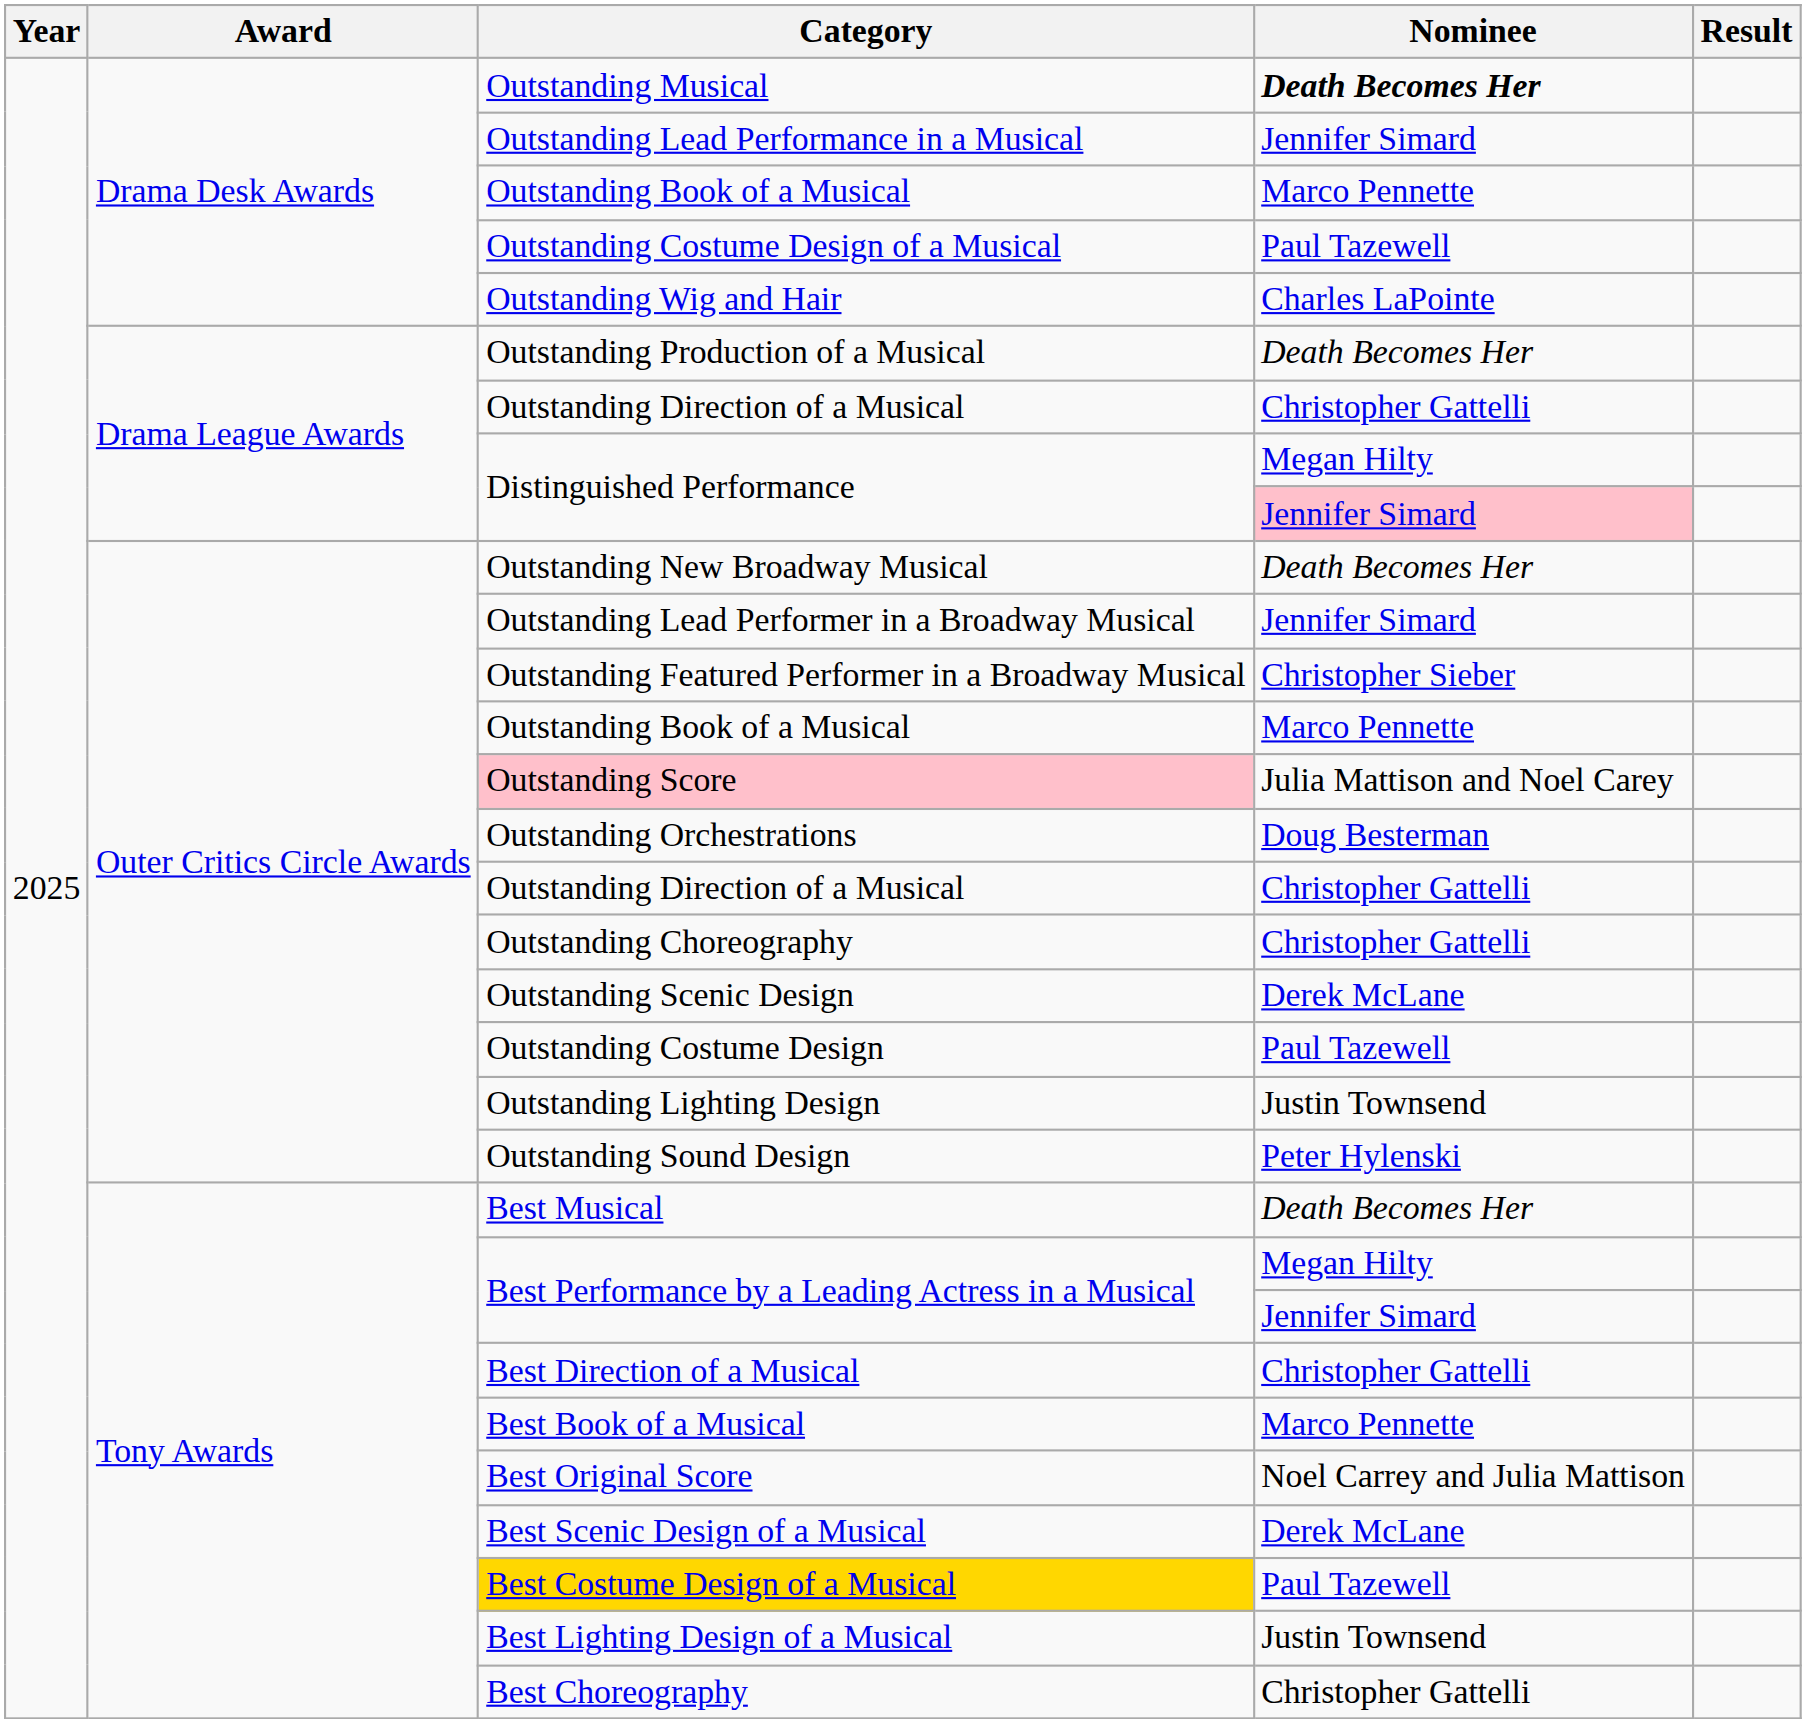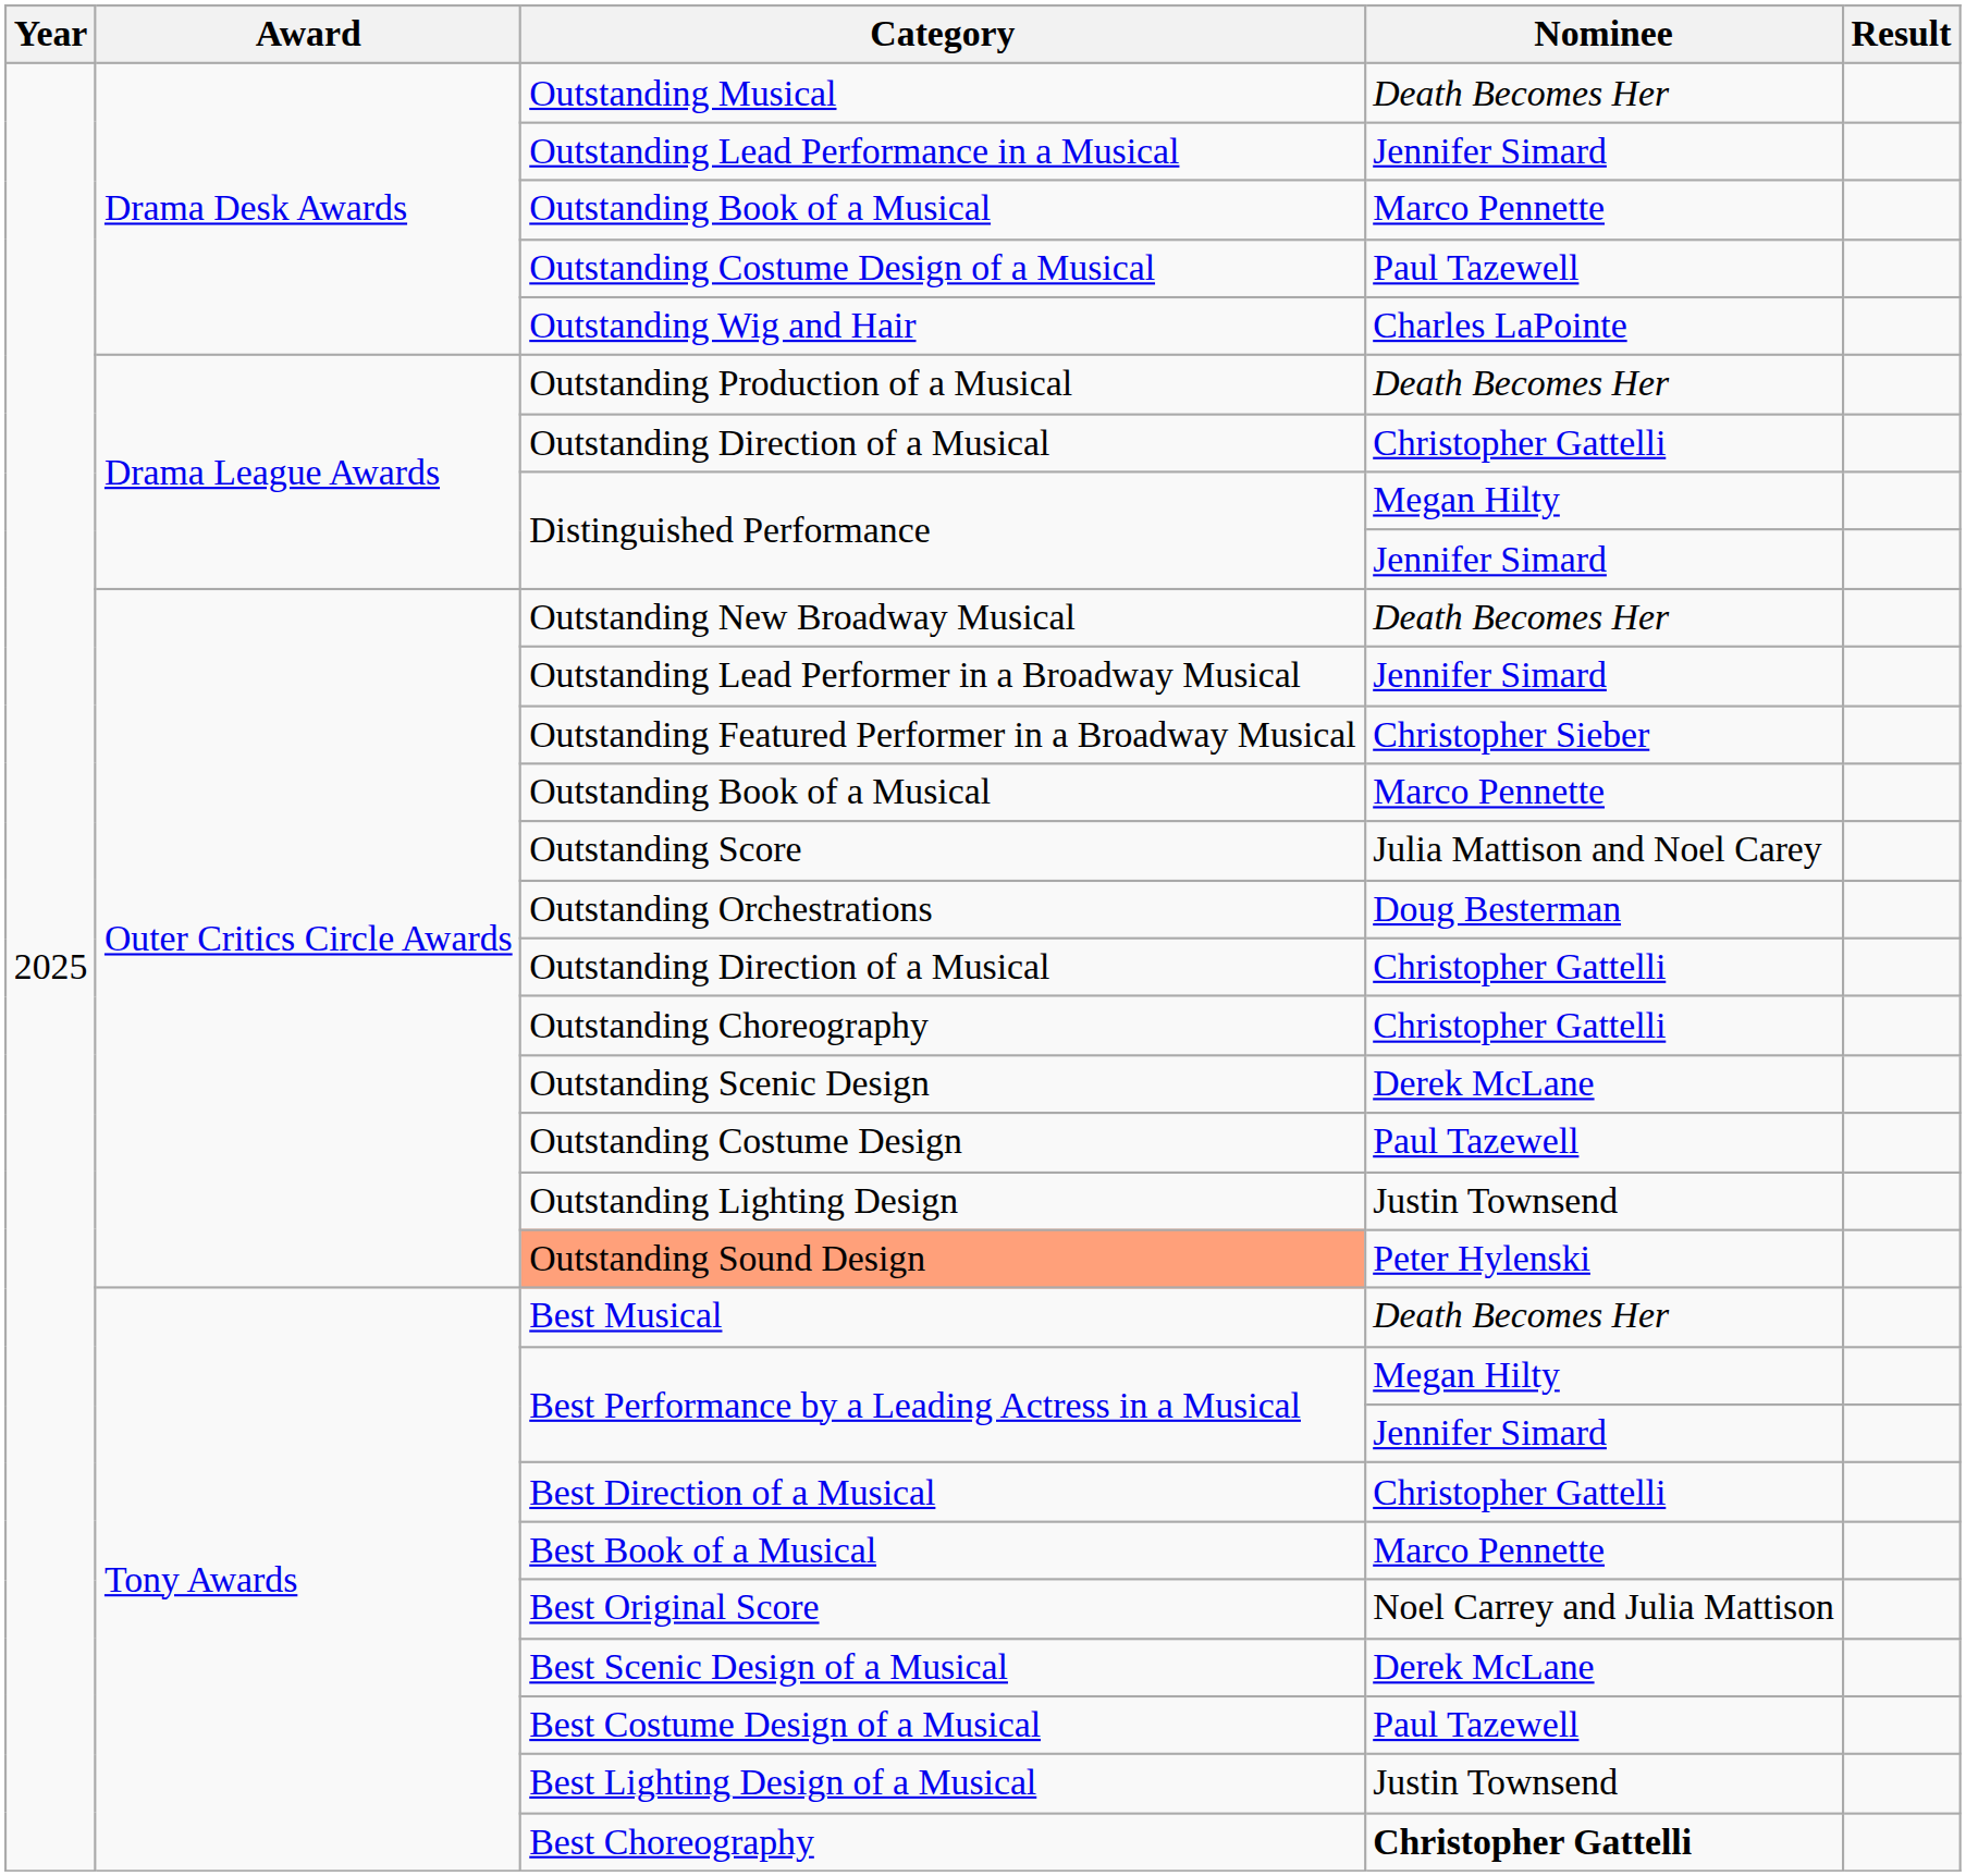 <table class="wikitable" style="white-space:nowrap;">
 <tr>
 <th>Year</th>
 <th>Award</th>
 <th>Category</th>
 <th>Nominee</th>
 <th>Result</th>
 </tr>
 <tr>
 <td rowspan="31">2025</td>
 <td rowspan="5"><a href='#'>Drama Desk Awards</a></td>
 <td><a href='#'>Outstanding Musical</a></td>
-<td><strong><em>Death Becomes Her</em></strong></td>
+<td><em>Death Becomes Her</em></td>
 <td></td>
 </tr>
 <tr>
 <td><a href='#'>Outstanding Lead Performance in a Musical</a></td>
 <td><a href='#'>Jennifer Simard</a></td>
 <td></td>
 </tr>
 <tr>
 <td><a href='#'>Outstanding Book of a Musical</a></td>
 <td><a href='#'>Marco Pennette</a></td>
 <td></td>
 </tr>
 <tr>
 <td><a href='#'>Outstanding Costume Design of a Musical</a></td>
 <td><a href='#'>Paul Tazewell</a></td>
 <td></td>
 </tr>
 <tr>
 <td><a href='#'>Outstanding Wig and Hair</a></td>
 <td><a href='#'>Charles LaPointe</a></td>
 <td></td>
 </tr>
 <tr>
 <td rowspan="4"><a href='#'>Drama League Awards</a></td>
 <td>Outstanding Production of a Musical</td>
 <td><em>Death Becomes Her</em></td>
 <td></td>
 </tr>
 <tr>
 <td>Outstanding Direction of a Musical</td>
 <td><a href='#'>Christopher Gattelli</a></td>
 <td></td>
 </tr>
 <tr>
 <td rowspan="2">Distinguished Performance</td>
 <td><a href='#'>Megan Hilty</a></td>
 <td></td>
 </tr>
 <tr>
-<td style="background: pink;"><a href='#'>Jennifer Simard</a></td>
+<td><a href='#'>Jennifer Simard</a></td>
 <td></td>
 </tr>
 <tr>
 <td rowspan="12"><a href='#'>Outer Critics Circle Awards</a></td>
 <td>Outstanding New Broadway Musical</td>
 <td><em>Death Becomes Her</em></td>
 <td></td>
 </tr>
 <tr>
 <td>Outstanding Lead Performer in a Broadway Musical</td>
 <td><a href='#'>Jennifer Simard</a></td>
 <td></td>
 </tr>
 <tr>
 <td>Outstanding Featured Performer in a Broadway Musical</td>
 <td><a href='#'>Christopher Sieber</a></td>
 <td></td>
 </tr>
 <tr>
 <td>Outstanding Book of a Musical</td>
 <td><a href='#'>Marco Pennette</a></td>
 <td></td>
 </tr>
 <tr>
-<td style="background: pink;">Outstanding Score</td>
+<td>Outstanding Score</td>
 <td>Julia Mattison and Noel Carey</td>
 <td></td>
 </tr>
 <tr>
 <td>Outstanding Orchestrations</td>
 <td><a href='#'>Doug Besterman</a></td>
 <td></td>
 </tr>
 <tr>
 <td>Outstanding Direction of a Musical</td>
 <td><a href='#'>Christopher Gattelli</a></td>
 <td></td>
 </tr>
 <tr>
 <td>Outstanding Choreography</td>
 <td><a href='#'>Christopher Gattelli</a></td>
 <td></td>
 </tr>
 <tr>
 <td>Outstanding Scenic Design</td>
 <td><a href='#'>Derek McLane</a></td>
 <td></td>
 </tr>
 <tr>
 <td>Outstanding Costume Design</td>
 <td><a href='#'>Paul Tazewell</a></td>
 <td></td>
 </tr>
 <tr>
 <td>Outstanding Lighting Design</td>
 <td>Justin Townsend</td>
 <td></td>
 </tr>
 <tr>
-<td>Outstanding Sound Design</td>
+<td style="background: lightsalmon;">Outstanding Sound Design</td>
 <td><a href='#'>Peter Hylenski</a></td>
 <td></td>
 </tr>
 <tr>
 <td rowspan="10"><a href='#'>Tony Awards</a></td>
 <td><a href='#'>Best Musical</a></td>
 <td><em>Death Becomes Her</em></td>
 <td></td>
 </tr>
 <tr>
 <td rowspan="2"><a href='#'>Best Performance by a Leading Actress in a Musical</a></td>
 <td><a href='#'>Megan Hilty</a></td>
 <td></td>
 </tr>
 <tr>
 <td><a href='#'>Jennifer Simard</a></td>
 <td></td>
 </tr>
 <tr>
 <td><a href='#'>Best Direction of a Musical</a></td>
 <td><a href='#'>Christopher Gattelli</a></td>
 <td></td>
 </tr>
 <tr>
 <td><a href='#'>Best Book of a Musical</a></td>
 <td><a href='#'>Marco Pennette</a></td>
 <td></td>
 </tr>
 <tr>
 <td><a href='#'>Best Original Score</a></td>
 <td>Noel Carrey and Julia Mattison</td>
 <td></td>
 </tr>
 <tr>
 <td><a href='#'>Best Scenic Design of a Musical</a></td>
 <td><a href='#'>Derek McLane</a></td>
 <td></td>
 </tr>
 <tr>
-<td style="background: gold;"><a href='#'>Best Costume Design of a Musical</a></td>
+<td><a href='#'>Best Costume Design of a Musical</a></td>
 <td><a href='#'>Paul Tazewell</a></td>
 <td></td>
 </tr>
 <tr>
 <td><a href='#'>Best Lighting Design of a Musical</a></td>
 <td>Justin Townsend</td>
 <td></td>
 </tr>
 <tr>
 <td><a href='#'>Best Choreography</a></td>
-<td>Christopher Gattelli</td>
+<td><strong>Christopher Gattelli</strong></td>
 <td></td>
 </tr>
 </table>
